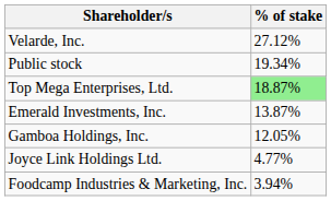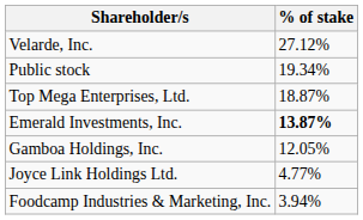 <table class="wikitable">
 <tr>
 <th>Shareholder/s</th>
 <th>% of stake</th>
 </tr>
 <tr>
 <td>Velarde, Inc.</td>
 <td>27.12%</td>
 </tr>
 <tr>
 <td>Public stock</td>
 <td>19.34%</td>
 </tr>
 <tr>
 <td>Top Mega Enterprises, Ltd.</td>
-<td style="background: lightgreen;">18.87%</td>
+<td>18.87%</td>
 </tr>
 <tr>
 <td>Emerald Investments, Inc.</td>
-<td>13.87%</td>
+<td><strong>13.87%</strong></td>
 </tr>
 <tr>
 <td>Gamboa Holdings, Inc.</td>
 <td>12.05%</td>
 </tr>
 <tr>
 <td>Joyce Link Holdings Ltd.</td>
 <td>4.77%</td>
 </tr>
 <tr>
 <td>Foodcamp Industries & Marketing, Inc.</td>
 <td>3.94%</td>
 </tr>
 </table>
